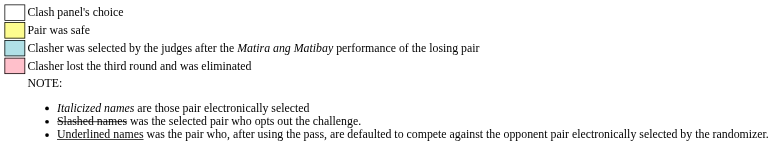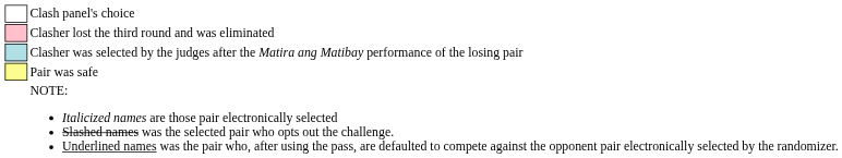 <table class="toccolours" style="white-space: nowrap;">
 <tr>
 <td style="background:white; border: 1px solid black;"> <strong></strong> </td>
 <td>Clash panel's choice</td>
 </tr>
 <tr>
-<td style="background:#fdfc8f; border: 1px solid black">    </td>
-<td>Pair was safe</td>
+<td style="background:pink; border:1px solid black;">      </td>
+<td>Clasher lost the third round and was eliminated</td>
 </tr>
 <tr>
 <td style="background:#b0e0e6; border:1px solid black;">      </td>
 <td>Clasher was selected by the judges after the <em>Matira ang Matibay</em> performance of the losing pair</td>
 </tr>
 <tr>
-<td style="background:pink; border:1px solid black;">      </td>
-<td>Clasher lost the third round and was eliminated</td>
+<td style="background:#fdfc8f; border: 1px solid black">    </td>
+<td>Pair was safe</td>
 </tr>
 <tr>
 <td style="background:none; border: 0px solid black">    </td>
 <td>NOTE:<br><ul><li><em>Italicized names</em> are those pair electronically selected</li><li><s>Slashed names</s> was the selected pair who opts out the challenge.</li><li><u>Underlined names</u> was the pair who, after using the pass, are defaulted to compete against the opponent pair electronically selected by the randomizer.</li></ul></td>
 </tr>
 </table>
